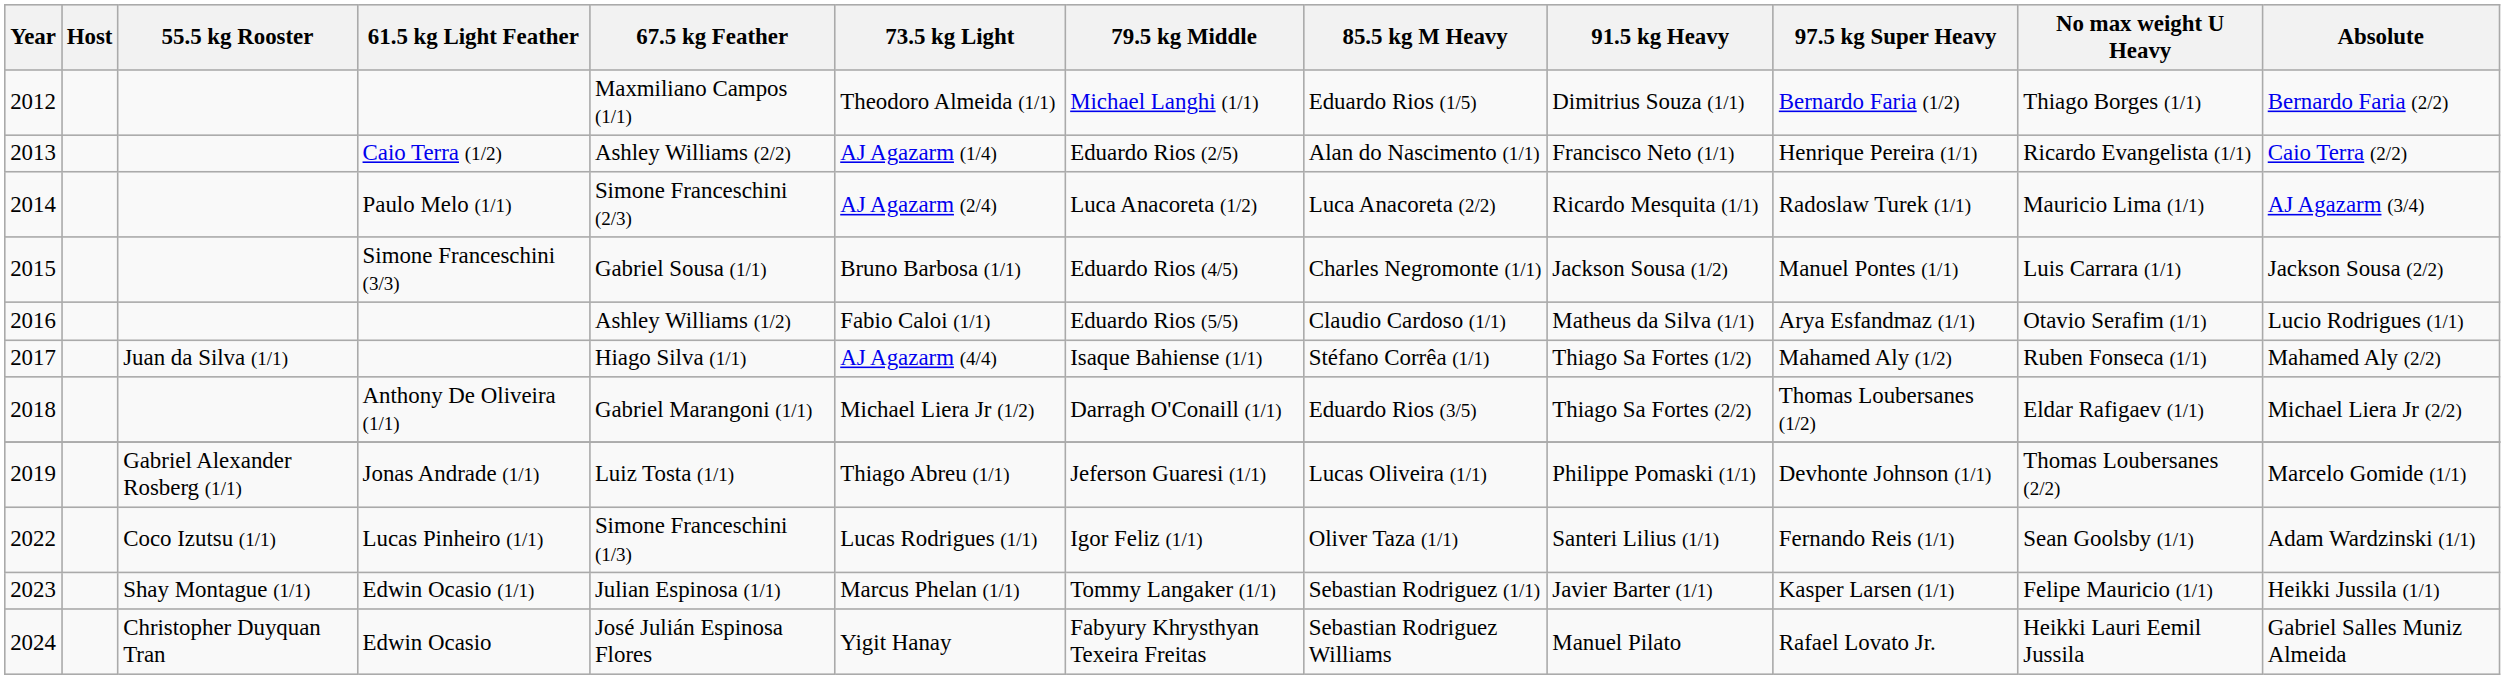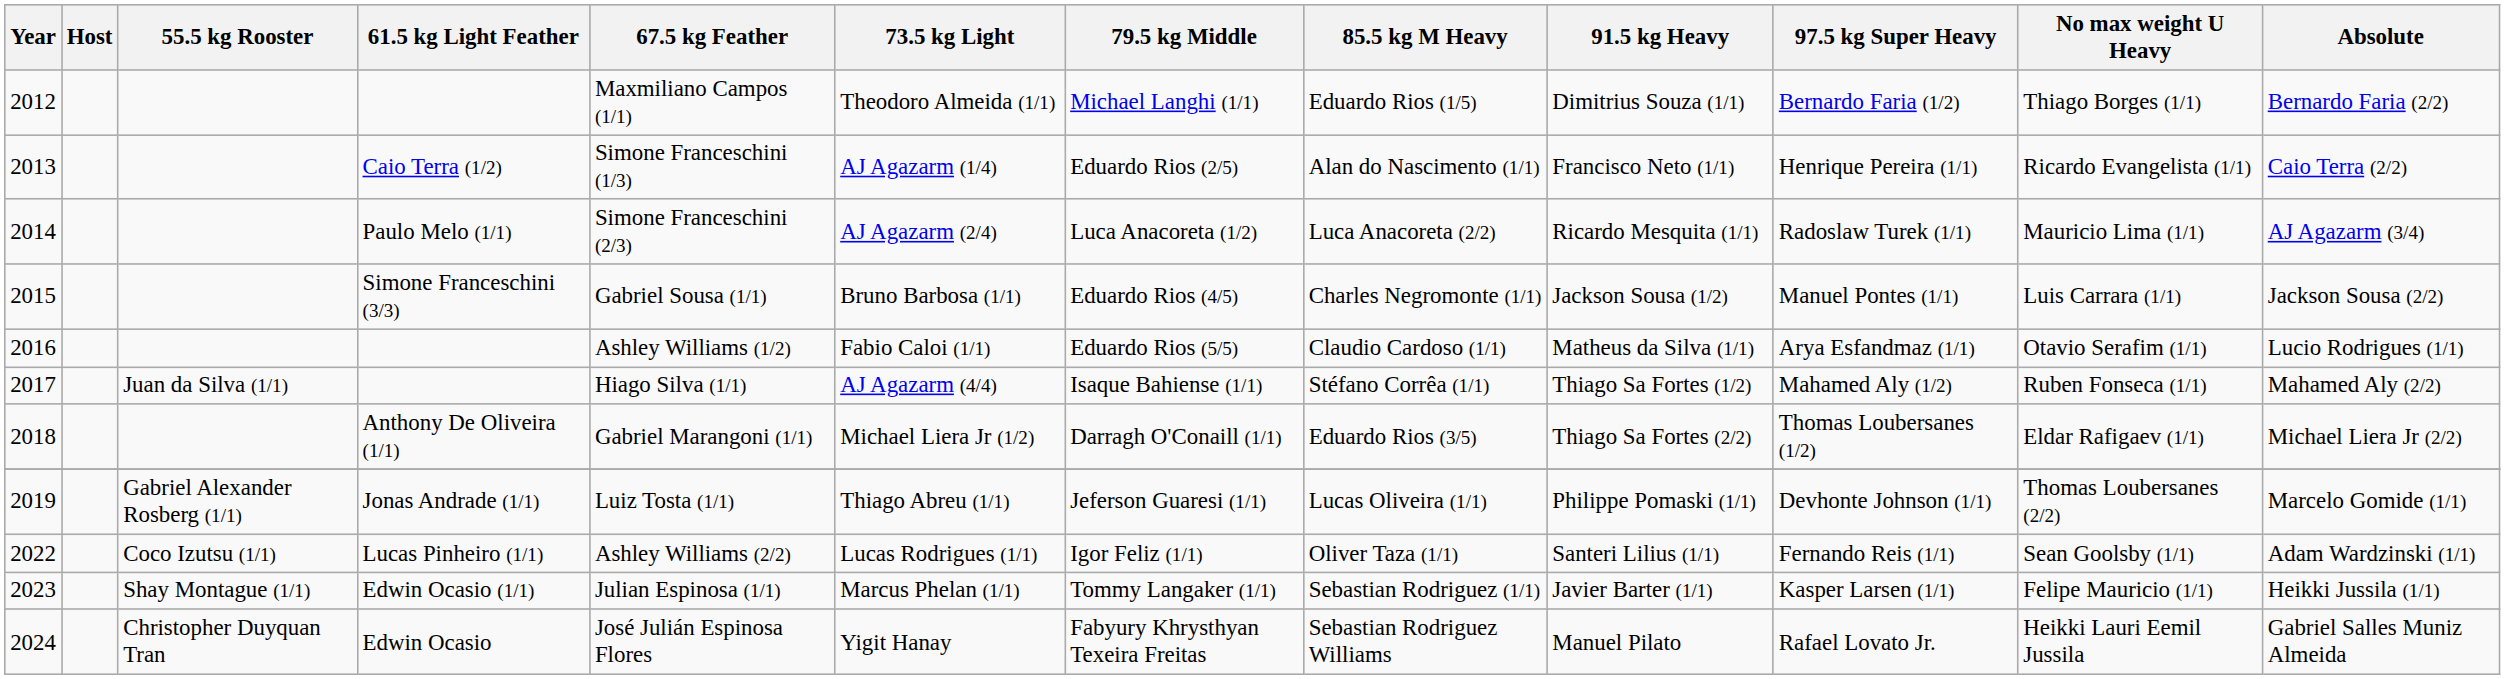 <table class="wikitable sortable" style="font-size: 90%">
 <tr>
 <th>Year</th>
 <th>Host</th>
 <th width=300>55.5 kg Rooster</th>
 <th width="275">61.5 kg Light Feather</th>
 <th width="300">67.5 kg Feather</th>
 <th width="300">73.5 kg Light</th>
 <th width="300">79.5 kg Middle</th>
 <th width="300">85.5 kg M Heavy</th>
 <th width="300">91.5 kg Heavy</th>
 <th width="300">97.5 kg Super Heavy</th>
 <th width="300">No max weight U Heavy</th>
 <th width="300">Absolute</th>
 </tr>
 <tr>
 <td>2012</td>
 <td></td>
 <td></td>
 <td></td>
 <td> Maxmiliano Campos <small>(1/1)</small></td>
 <td> Theodoro Almeida <small>(1/1)</small></td>
 <td> <a href='#'>Michael Langhi</a> <small>(1/1)</small></td>
 <td> Eduardo Rios <small>(1/5)</small></td>
 <td> Dimitrius Souza <small>(1/1)</small></td>
 <td> <a href='#'>Bernardo Faria</a> <small>(1/2)</small></td>
 <td> Thiago Borges <small>(1/1)</small></td>
 <td> <a href='#'>Bernardo Faria</a> <small>(2/2)</small></td>
 </tr>
 <tr>
 <td>2013</td>
 <td></td>
 <td></td>
 <td> <a href='#'>Caio Terra</a> <small>(1/2)</small></td>
-<td> Ashley Williams <small>(2/2)</small></td>
+<td> Simone Franceschini <small>(1/3)</small></td>
 <td> <a href='#'>AJ Agazarm</a> <small>(1/4)</small></td>
 <td> Eduardo Rios <small>(2/5)</small></td>
 <td> Alan do Nascimento <small>(1/1)</small></td>
 <td> Francisco Neto <small>(1/1)</small></td>
 <td> Henrique Pereira <small>(1/1)</small></td>
 <td> Ricardo Evangelista <small>(1/1)</small></td>
 <td> <a href='#'>Caio Terra</a> <small>(2/2)</small></td>
 </tr>
 <tr>
 <td>2014</td>
 <td></td>
 <td></td>
 <td> Paulo Melo <small>(1/1)</small></td>
 <td> Simone Franceschini <small>(2/3)</small></td>
 <td> <a href='#'>AJ Agazarm</a> <small>(2/4)</small></td>
 <td> Luca Anacoreta <small>(1/2)</small></td>
 <td> Luca Anacoreta <small>(2/2)</small></td>
 <td> Ricardo Mesquita <small>(1/1)</small></td>
 <td> Radoslaw Turek <small>(1/1)</small></td>
 <td> Mauricio Lima <small>(1/1)</small></td>
 <td> <a href='#'>AJ Agazarm</a> <small>(3/4)</small></td>
 </tr>
 <tr>
 <td>2015</td>
 <td></td>
 <td></td>
 <td> Simone Franceschini <small>(3/3)</small></td>
 <td> Gabriel Sousa <small>(1/1)</small></td>
 <td> Bruno Barbosa <small>(1/1)</small></td>
 <td> Eduardo Rios <small>(4/5)</small></td>
 <td> Charles Negromonte <small>(1/1)</small></td>
 <td> Jackson Sousa <small>(1/2)</small></td>
 <td> Manuel Pontes <small>(1/1)</small></td>
 <td> Luis Carrara <small>(1/1)</small></td>
 <td> Jackson Sousa <small>(2/2)</small></td>
 </tr>
 <tr>
 <td>2016</td>
 <td></td>
 <td></td>
 <td></td>
 <td> Ashley Williams <small>(1/2)</small></td>
 <td> Fabio Caloi <small>(1/1)</small></td>
 <td> Eduardo Rios <small>(5/5)</small></td>
 <td> Claudio Cardoso <small>(1/1)</small></td>
 <td> Matheus da Silva <small>(1/1)</small></td>
 <td> Arya Esfandmaz <small>(1/1)</small></td>
 <td> Otavio Serafim <small>(1/1)</small></td>
 <td> Lucio Rodrigues <small>(1/1)</small></td>
 </tr>
 <tr>
 <td>2017</td>
 <td></td>
 <td> Juan da Silva <small>(1/1)</small></td>
 <td></td>
 <td> Hiago Silva <small>(1/1)</small></td>
 <td> <a href='#'>AJ Agazarm</a> <small>(4/4)</small></td>
 <td> Isaque Bahiense <small>(1/1)</small></td>
 <td> Stéfano Corrêa <small>(1/1)</small></td>
 <td> Thiago Sa Fortes <small>(1/2)</small></td>
 <td> Mahamed Aly <small>(1/2)</small></td>
 <td> Ruben Fonseca <small>(1/1)</small></td>
 <td> Mahamed Aly <small>(2/2)</small></td>
 </tr>
 <tr>
 <td>2018</td>
 <td></td>
 <td></td>
 <td> Anthony De Oliveira <small>(1/1)</small></td>
 <td> Gabriel Marangoni <small>(1/1)</small></td>
 <td> Michael Liera Jr <small>(1/2)</small></td>
 <td> Darragh O'Conaill <small>(1/1)</small></td>
 <td> Eduardo Rios <small>(3/5)</small></td>
 <td> Thiago Sa Fortes <small>(2/2)</small></td>
 <td> Thomas Loubersanes <small>(1/2)</small></td>
 <td> Eldar Rafigaev <small>(1/1)</small></td>
 <td> Michael Liera Jr <small>(2/2)</small></td>
 </tr>
 <tr>
 </tr>
 <tr>
 <td>2019 </td>
 <td></td>
 <td> Gabriel Alexander Rosberg <small>(1/1)</small></td>
 <td> Jonas Andrade <small>(1/1)</small></td>
 <td> Luiz Tosta <small>(1/1)</small></td>
 <td> Thiago Abreu <small>(1/1)</small></td>
 <td> Jeferson Guaresi <small>(1/1)</small></td>
 <td> Lucas Oliveira <small>(1/1)</small></td>
 <td> Philippe Pomaski   <small>(1/1)</small></td>
 <td> Devhonte Johnson <small>(1/1)</small></td>
 <td> Thomas Loubersanes <small>(2/2)</small></td>
 <td> Marcelo Gomide <small>(1/1)</small></td>
 </tr>
 <tr>
 <td>2022</td>
 <td></td>
 <td> Coco Izutsu <small>(1/1)</small></td>
 <td> Lucas Pinheiro <small>(1/1)</small></td>
-<td> Simone Franceschini <small>(1/3)</small></td>
+<td> Ashley Williams <small>(2/2)</small></td>
 <td> Lucas Rodrigues <small>(1/1)</small></td>
 <td> Igor Feliz <small>(1/1)</small></td>
 <td> Oliver Taza <small>(1/1)</small></td>
 <td> Santeri Lilius <small>(1/1)</small></td>
 <td> Fernando Reis <small>(1/1)</small></td>
 <td> Sean Goolsby <small>(1/1)</small></td>
 <td> Adam Wardzinski <small>(1/1)</small></td>
 </tr>
 <tr>
 <td>2023 </td>
 <td></td>
 <td> Shay Montague <small>(1/1)</small></td>
 <td> Edwin Ocasio <small>(1/1)</small></td>
 <td> Julian Espinosa <small>(1/1)</small></td>
 <td> Marcus Phelan <small>(1/1)</small></td>
 <td> Tommy Langaker <small>(1/1)</small></td>
 <td> Sebastian Rodriguez <small>(1/1)</small></td>
 <td> Javier Barter <small>(1/1)</small></td>
 <td> Kasper Larsen <small>(1/1)</small></td>
 <td> Felipe Mauricio <small>(1/1)</small></td>
 <td> Heikki Jussila <small>(1/1)</small></td>
 </tr>
 <tr>
 <td>2024  </td>
 <td></td>
 <td> Christopher Duyquan Tran</td>
 <td> Edwin Ocasio</td>
 <td> José Julián Espinosa Flores</td>
 <td> Yigit Hanay</td>
 <td> Fabyury Khrysthyan Texeira Freitas</td>
 <td> Sebastian Rodriguez Williams</td>
 <td> Manuel Pilato</td>
 <td> Rafael Lovato Jr.</td>
 <td> Heikki Lauri Eemil Jussila</td>
 <td> Gabriel Salles Muniz Almeida</td>
 </tr>
 </table>
